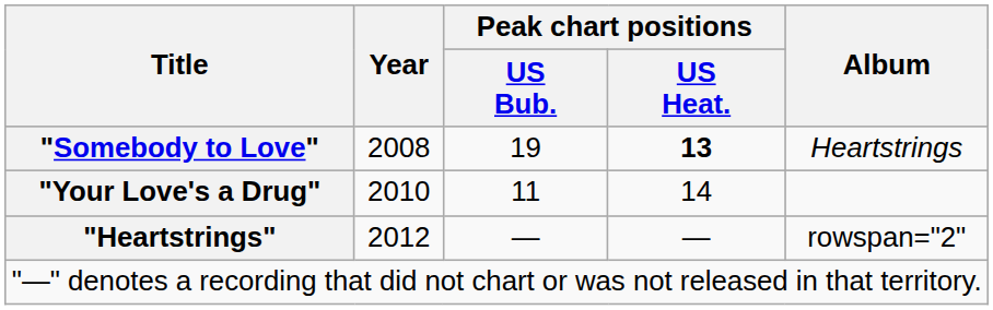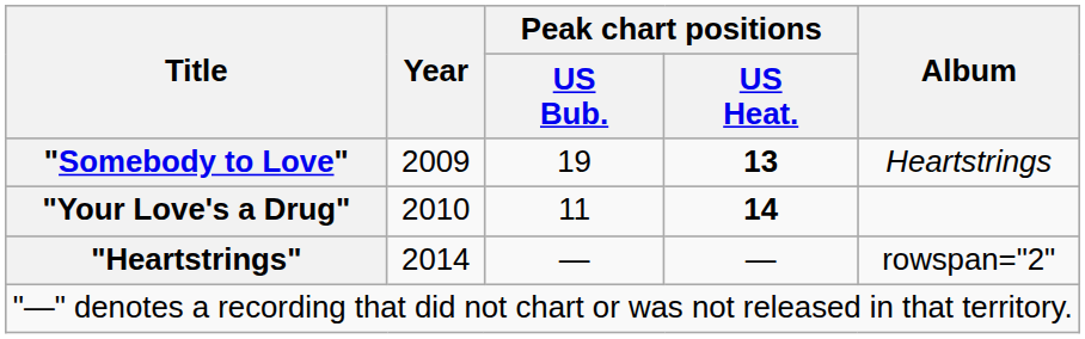 <table class="wikitable plainrowheaders" style="text-align:center;">
 <tr>
 <th scope="col" rowspan="2">Title</th>
 <th scope="col" rowspan="2">Year</th>
 <th scope="col" colspan="2">Peak chart positions</th>
 <th scope="col" rowspan="2">Album</th>
 </tr>
 <tr>
 <th scope="col"><a href='#'>US<br>Bub.</a><br></th>
 <th scope="col"><a href='#'>US<br>Heat.</a><br></th>
 </tr>
 <tr>
 <th scope="row">"<a href='#'>Somebody to Love</a>"<br></th>
-<td>2008</td>
+<td>2009</td>
 <td>19</td>
 <td><strong>13</strong></td>
 <td><em>Heartstrings</em></td>
 </tr>
 <tr>
 <th scope="row">"Your Love's a Drug"</th>
 <td>2010</td>
 <td>11</td>
-<td>14</td>
+<td><strong>14</strong></td>
 </tr>
 <tr>
 <th scope="row">"Heartstrings"</th>
-<td>2012</td>
+<td>2014</td>
 <td>—</td>
 <td>—</td>
 <td>rowspan="2" </td>
 </tr>
 <tr>
 <td colspan="8">"—" denotes a recording that did not chart or was not released in that territory.</td>
 </tr>
 </table>
